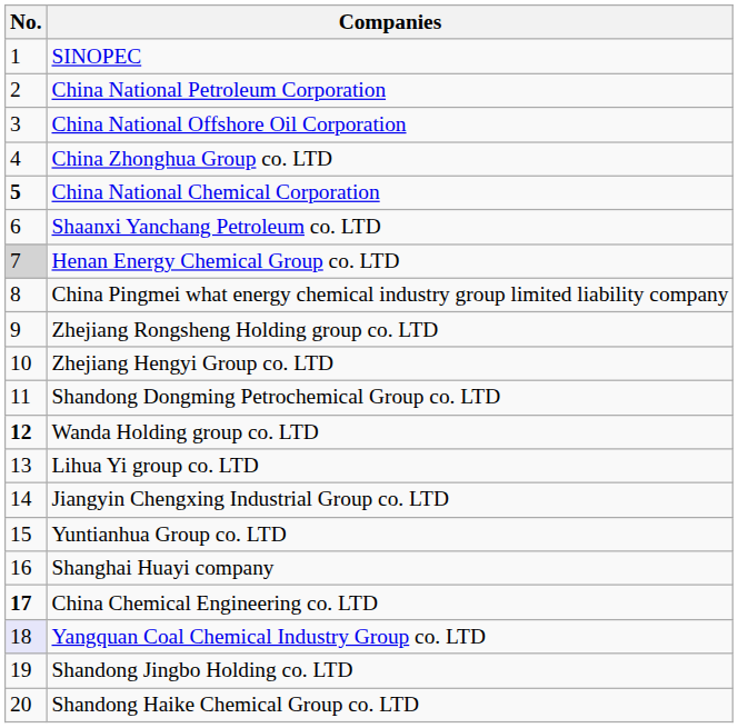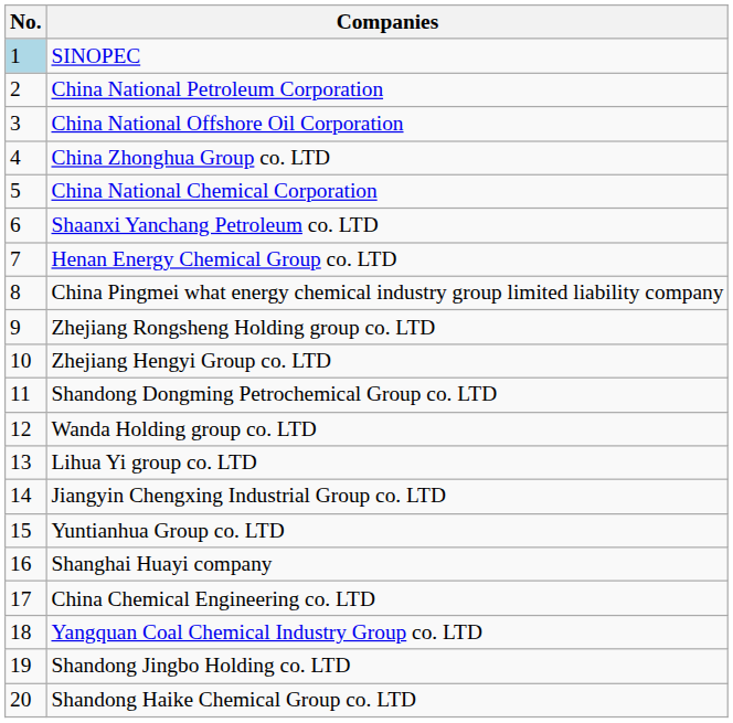 <table class="wikitable sortable">
 <tr>
 <th>No.</th>
 <th>Companies</th>
 </tr>
 <tr>
-<td>1</td>
+<td style="background: lightblue;">1</td>
 <td><a href='#'>SINOPEC</a></td>
 </tr>
 <tr>
 <td>2</td>
 <td><a href='#'>China National Petroleum Corporation</a></td>
 </tr>
 <tr>
 <td>3</td>
 <td><a href='#'>China National Offshore Oil Corporation</a></td>
 </tr>
 <tr>
 <td>4</td>
 <td><a href='#'>China Zhonghua Group</a> co. LTD</td>
 </tr>
 <tr>
-<td><strong>5</strong></td>
+<td>5</td>
 <td><a href='#'>China National Chemical Corporation</a></td>
 </tr>
 <tr>
 <td>6</td>
 <td><a href='#'>Shaanxi Yanchang Petroleum</a> co. LTD</td>
 </tr>
 <tr>
-<td style="background: lightgrey;">7</td>
+<td>7</td>
 <td><a href='#'>Henan Energy Chemical Group</a> co. LTD</td>
 </tr>
 <tr>
 <td>8</td>
 <td>China  Pingmei what energy chemical industry group limited liability company</td>
 </tr>
 <tr>
 <td>9</td>
 <td>Zhejiang  Rongsheng Holding group co. LTD</td>
 </tr>
 <tr>
 <td>10</td>
 <td>Zhejiang Hengyi Group co. LTD</td>
 </tr>
 <tr>
 <td>11</td>
 <td>Shandong Dongming Petrochemical Group co. LTD</td>
 </tr>
 <tr>
-<td><strong>12</strong></td>
+<td>12</td>
 <td>Wanda Holding group co. LTD</td>
 </tr>
 <tr>
 <td>13</td>
 <td>Lihua Yi group co. LTD</td>
 </tr>
 <tr>
 <td>14</td>
 <td>Jiangyin Chengxing Industrial Group co. LTD</td>
 </tr>
 <tr>
 <td>15</td>
 <td>Yuntianhua Group co. LTD</td>
 </tr>
 <tr>
 <td>16</td>
 <td>Shanghai Huayi company</td>
 </tr>
 <tr>
-<td><strong>17</strong></td>
+<td>17</td>
 <td>China Chemical Engineering co. LTD</td>
 </tr>
 <tr>
-<td style="background: lavender;">18</td>
+<td>18</td>
 <td><a href='#'>Yangquan Coal Chemical Industry Group</a> co. LTD</td>
 </tr>
 <tr>
 <td>19</td>
 <td>Shandong Jingbo Holding co. LTD</td>
 </tr>
 <tr>
 <td>20</td>
 <td>Shandong Haike Chemical Group co. LTD</td>
 </tr>
 </table>
